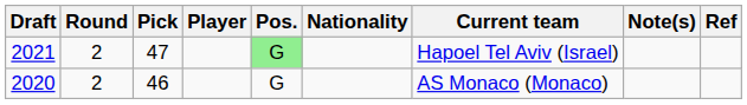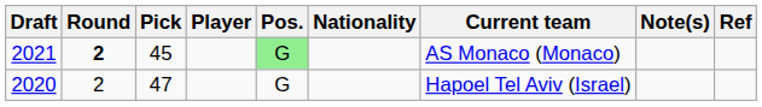 <table class="wikitable sortable" style="text-align:left; font-size:90%;">
 <tr>
 <th>Draft</th>
 <th>Round</th>
 <th>Pick</th>
 <th>Player</th>
 <th>Pos.</th>
 <th>Nationality</th>
 <th>Current team</th>
 <th>Note(s)</th>
 <th class="unsortable">Ref</th>
 </tr>
 <tr>
 <td style="text-align:center;"><a href='#'>2021</a></td>
-<td style="text-align:center;">2</td>
-<td style="text-align:center;">47</td>
+<td style="text-align:center;"><strong>2</strong></td>
+<td style="text-align:center;">45</td>
 <td></td>
 <td style="background: lightgreen; text-align:center;">G</td>
 <td></td>
-<td><a href='#'>Hapoel Tel Aviv</a> (<a href='#'>Israel</a>)</td>
+<td><a href='#'>AS Monaco</a> (<a href='#'>Monaco</a>)</td>
 <td></td>
 <td style="text-align:center;"></td>
 </tr>
 <tr>
 <td style="text-align:center;"><a href='#'>2020</a></td>
 <td style="text-align:center;">2</td>
-<td style="text-align:center;">46</td>
+<td style="text-align:center;">47</td>
 <td></td>
 <td style="text-align:center;">G</td>
 <td></td>
-<td><a href='#'>AS Monaco</a> (<a href='#'>Monaco</a>)</td>
+<td><a href='#'>Hapoel Tel Aviv</a> (<a href='#'>Israel</a>)</td>
 <td></td>
 <td style="text-align:center;"></td>
 </tr>
 </table>
